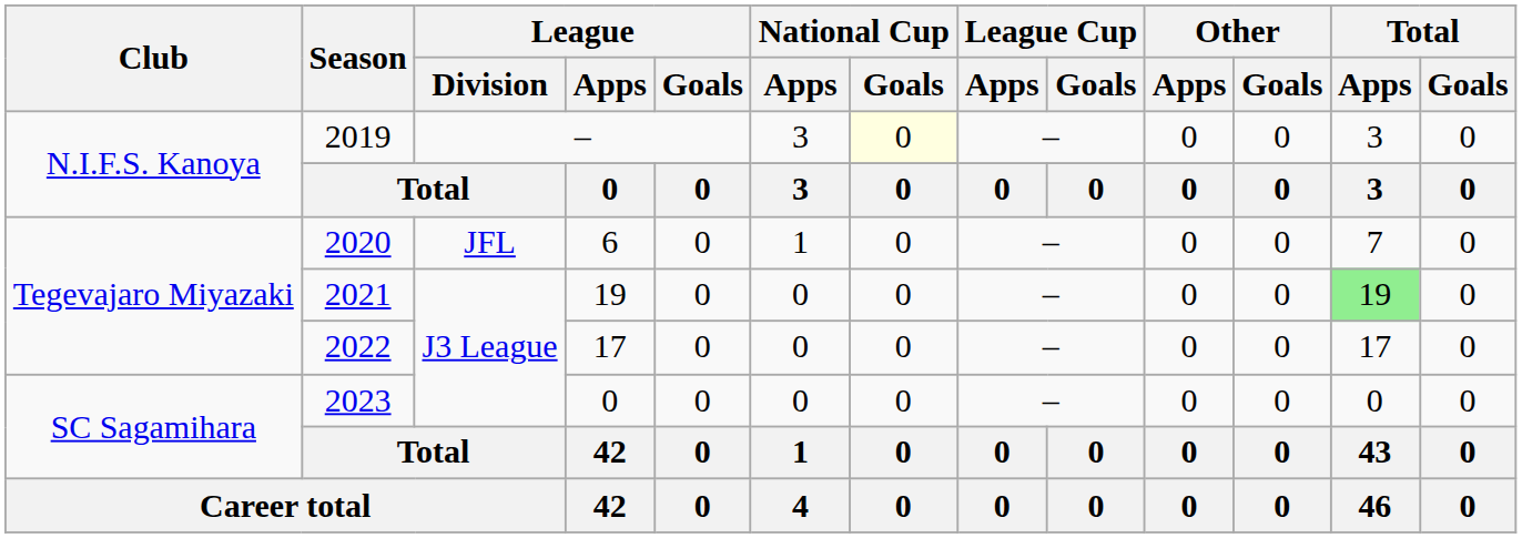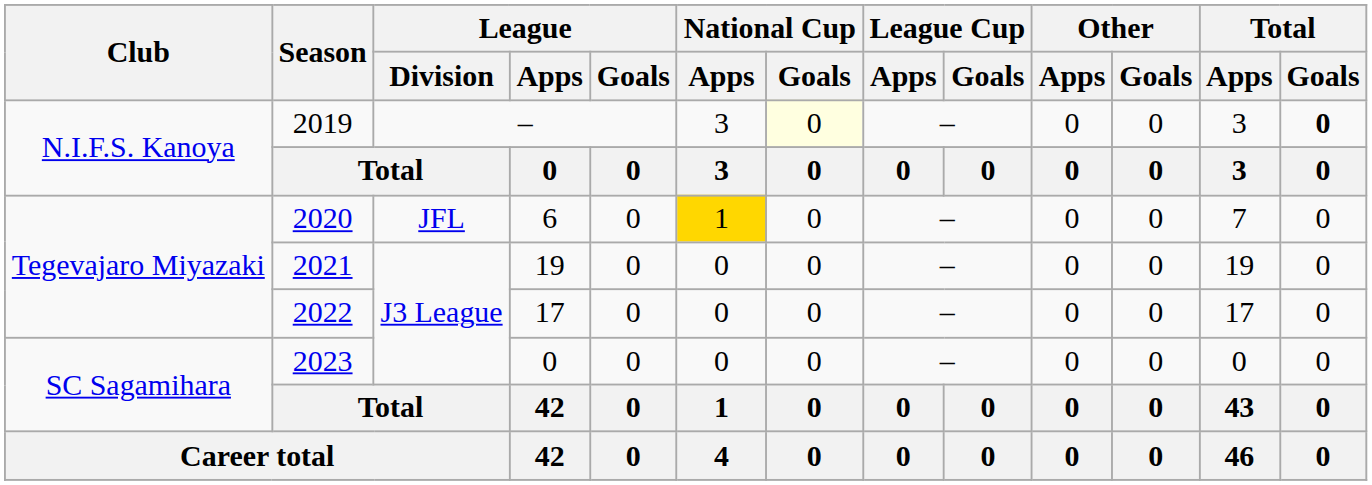 <table class="wikitable" style="text-align: center">
 <tr>
 <th rowspan="2">Club</th>
 <th rowspan="2">Season</th>
 <th colspan="3">League</th>
 <th colspan="2">National Cup</th>
 <th colspan="2">League Cup</th>
 <th colspan="2">Other</th>
 <th colspan="2">Total</th>
 </tr>
 <tr>
 <th>Division</th>
 <th>Apps</th>
 <th>Goals</th>
 <th>Apps</th>
 <th>Goals</th>
 <th>Apps</th>
 <th>Goals</th>
 <th>Apps</th>
 <th>Goals</th>
 <th>Apps</th>
 <th>Goals</th>
 </tr>
 <tr>
 <td rowspan=2><a href='#'>N.I.F.S. Kanoya</a></td>
 <td>2019</td>
 <td colspan="3">–</td>
 <td>3</td>
 <td style="background: lightyellow;">0</td>
 <td colspan="2">–</td>
 <td>0</td>
 <td>0</td>
 <td>3</td>
-<td>0</td>
+<td><strong>0</strong></td>
 </tr>
 <tr>
 <th colspan=2>Total</th>
 <th>0</th>
 <th>0</th>
 <th>3</th>
 <th>0</th>
 <th>0</th>
 <th>0</th>
 <th>0</th>
 <th>0</th>
 <th>3</th>
 <th>0</th>
 </tr>
 <tr>
 <td rowspan="3"><a href='#'>Tegevajaro Miyazaki</a></td>
 <td><a href='#'>2020</a></td>
 <td><a href='#'>JFL</a></td>
 <td>6</td>
 <td>0</td>
-<td>1</td>
+<td style="background: gold;">1</td>
 <td>0</td>
 <td colspan="2">–</td>
 <td>0</td>
 <td>0</td>
 <td>7</td>
 <td>0</td>
 </tr>
 <tr>
 <td><a href='#'>2021</a></td>
 <td rowspan=3><a href='#'>J3 League</a></td>
 <td>19</td>
 <td>0</td>
 <td>0</td>
 <td>0</td>
 <td colspan="2">–</td>
 <td>0</td>
 <td>0</td>
-<td style="background: lightgreen;">19</td>
+<td>19</td>
 <td>0</td>
 </tr>
 <tr>
 <td><a href='#'>2022</a></td>
 <td>17</td>
 <td>0</td>
 <td>0</td>
 <td>0</td>
 <td colspan="2">–</td>
 <td>0</td>
 <td>0</td>
 <td>17</td>
 <td>0</td>
 </tr>
 <tr>
 <td rowspan="2"><a href='#'>SC Sagamihara</a></td>
 <td><a href='#'>2023</a></td>
 <td>0</td>
 <td>0</td>
 <td>0</td>
 <td>0</td>
 <td colspan="2">–</td>
 <td>0</td>
 <td>0</td>
 <td>0</td>
 <td>0</td>
 </tr>
 <tr>
 <th colspan=2>Total</th>
 <th>42</th>
 <th>0</th>
 <th>1</th>
 <th>0</th>
 <th>0</th>
 <th>0</th>
 <th>0</th>
 <th>0</th>
 <th>43</th>
 <th>0</th>
 </tr>
 <tr>
 <th colspan=3>Career total</th>
 <th>42</th>
 <th>0</th>
 <th>4</th>
 <th>0</th>
 <th>0</th>
 <th>0</th>
 <th>0</th>
 <th>0</th>
 <th>46</th>
 <th>0</th>
 </tr>
 </table>
